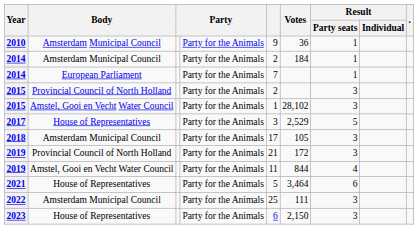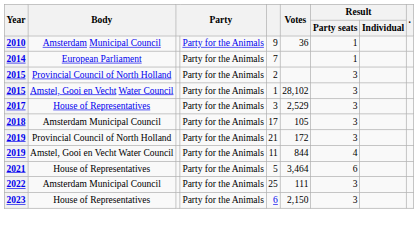 <table class="wikitable plainrowheaders sortable" border=2 cellpadding=4 cellspacing=0 style="border: 1px #aaa solid; font-size: 90%; text-align:center;">
 <tr>
 <th scope="col" rowspan=2>Year</th>
 <th scope="col" rowspan=2>Body</th>
 <th scope="col" colspan=2 rowspan=2>Party</th>
 <th scope="col" rowspan=2></th>
 <th scope="col" rowspan=2>Votes</th>
 <th scope="colgroup" colspan=2>Result</th>
 <th scope="col" rowspan=2 class="unsortable">.</th>
 </tr>
 <tr>
 <th scope="col">Party seats</th>
 <th scope="col">Individual</th>
 </tr>
 <tr>
 <th scope="row"><a href='#'>2010</a></th>
 <td><a href='#'>Amsterdam</a> <a href='#'>Municipal Council</a></td>
 <td style="background-color:"></td>
 <td><a href='#'>Party for the Animals</a></td>
 <td style=text-align:right>9</td>
 <td style=text-align:right>36</td>
-<td style=text-align:right>1</td>
-<td></td>
-<td></td>
-</tr>
-<tr>
-<th scope="row"><a href='#'>2014</a></th>
-<td>Amsterdam Municipal Council</td>
-<td style="background-color:"></td>
-<td>Party for the Animals</td>
-<td style=text-align:right>2</td>
-<td style=text-align:right>184</td>
 <td style=text-align:right>1</td>
 <td></td>
 <td></td>
 </tr>
 <tr>
 <th scope="row"><a href='#'>2014</a></th>
 <td><a href='#'>European Parliament</a></td>
 <td style="background-color:"></td>
 <td>Party for the Animals</td>
 <td style=text-align:right>7</td>
 <td style=text-align:right></td>
 <td style=text-align:right>1</td>
 <td></td>
 <td></td>
 </tr>
 <tr>
 <th scope="row"><a href='#'>2015</a></th>
 <td><a href='#'>Provincial Council of North Holland</a></td>
 <td style="background-color:"></td>
 <td>Party for the Animals</td>
 <td style=text-align:right>2</td>
 <td style=text-align:right></td>
 <td style=text-align:right>3</td>
 <td></td>
 <td></td>
 </tr>
 <tr>
 <th scope="row"><a href='#'>2015</a></th>
 <td><a href='#'>Amstel, Gooi en Vecht</a> <a href='#'>Water Council</a></td>
 <td style="background-color:"></td>
 <td>Party for the Animals</td>
 <td style=text-align:right>1</td>
 <td style=text-align:right>28,102</td>
 <td style=text-align:right>3</td>
 <td></td>
 <td></td>
 </tr>
 <tr>
 <th scope="row"><a href='#'>2017</a></th>
 <td><a href='#'>House of Representatives</a></td>
 <td style="background-color:"></td>
 <td>Party for the Animals</td>
 <td style=text-align:right>3</td>
 <td style=text-align:right>2,529</td>
-<td style=text-align:right>5</td>
+<td style=text-align:right>3</td>
 <td></td>
 <td></td>
 </tr>
 <tr>
 <th scope="row"><a href='#'>2018</a></th>
 <td>Amsterdam Municipal Council</td>
 <td style="background-color:"></td>
 <td>Party for the Animals</td>
 <td style=text-align:right>17</td>
 <td style=text-align:right>105</td>
 <td style=text-align:right>3</td>
 <td></td>
 <td></td>
 </tr>
 <tr>
 <th scope="row"><a href='#'>2019</a></th>
 <td>Provincial Council of North Holland</td>
 <td style="background-color:"></td>
 <td>Party for the Animals</td>
 <td style=text-align:right>21</td>
 <td style=text-align:right>172</td>
 <td style=text-align:right>3</td>
 <td></td>
 <td></td>
 </tr>
 <tr>
 <th scope="row"><a href='#'>2019</a></th>
 <td>Amstel, Gooi en Vecht Water Council</td>
 <td style="background-color:"></td>
 <td>Party for the Animals</td>
 <td style=text-align:right>11</td>
 <td style=text-align:right>844</td>
 <td style=text-align:right>4</td>
 <td></td>
 <td></td>
 </tr>
 <tr>
 <th scope="row"><a href='#'>2021</a></th>
 <td>House of Representatives</td>
 <td style="background-color:"></td>
 <td>Party for the Animals</td>
 <td style=text-align:right>5</td>
 <td style=text-align:right>3,464</td>
 <td style=text-align:right>6</td>
 <td></td>
 <td></td>
 </tr>
 <tr>
 <th scope="row"><a href='#'>2022</a></th>
 <td>Amsterdam Municipal Council</td>
 <td style="background-color:"></td>
 <td>Party for the Animals</td>
 <td style=text-align:right>25</td>
 <td style=text-align:right>111</td>
 <td style=text-align:right>3</td>
 <td></td>
 <td></td>
 </tr>
 <tr>
 <th scope="row"><a href='#'>2023</a></th>
 <td>House of Representatives</td>
 <td style="background-color:"></td>
 <td>Party for the Animals</td>
 <td style=text-align:right><a href='#'>6</a></td>
 <td style=text-align:right>2,150</td>
 <td style=text-align:right>3</td>
 <td></td>
 <td></td>
 </tr>
 </table>
